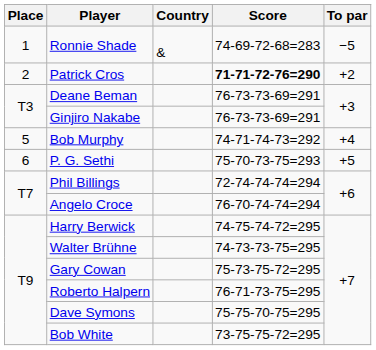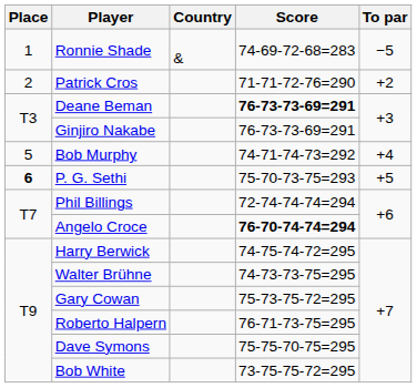 <table class="wikitable" style="font-size:95%;">
 <tr>
 <th>Place</th>
 <th>Player</th>
 <th>Country</th>
 <th>Score</th>
 <th>To par</th>
 </tr>
 <tr>
 <td align=center>1</td>
 <td><a href='#'>Ronnie Shade</a></td>
 <td><br>& </td>
 <td>74-69-72-68=283</td>
 <td align=center>−5</td>
 </tr>
 <tr>
 <td align=center>2</td>
 <td><a href='#'>Patrick Cros</a></td>
 <td></td>
-<td><strong>71-71-72-76=290</strong></td>
+<td>71-71-72-76=290</td>
 <td align=center>+2</td>
 </tr>
 <tr>
 <td align=center rowspan=2>T3</td>
 <td><a href='#'>Deane Beman</a></td>
 <td></td>
-<td>76-73-73-69=291</td>
+<td><strong>76-73-73-69=291</strong></td>
 <td align=center rowspan=2>+3</td>
 </tr>
 <tr>
 <td><a href='#'>Ginjiro Nakabe</a></td>
 <td></td>
 <td>76-73-73-69=291</td>
 </tr>
 <tr>
 <td align=center>5</td>
 <td><a href='#'>Bob Murphy</a></td>
 <td></td>
 <td>74-71-74-73=292</td>
 <td align=center>+4</td>
 </tr>
 <tr>
-<td align=center>6</td>
+<td align=center><strong>6</strong></td>
 <td><a href='#'>P. G. Sethi</a></td>
 <td></td>
 <td>75-70-73-75=293</td>
 <td align=center>+5</td>
 </tr>
 <tr>
 <td align=center rowspan=2>T7</td>
 <td><a href='#'>Phil Billings</a></td>
 <td></td>
 <td>72-74-74-74=294</td>
 <td align=center rowspan=2>+6</td>
 </tr>
 <tr>
 <td><a href='#'>Angelo Croce</a></td>
 <td></td>
-<td>76-70-74-74=294</td>
+<td><strong>76-70-74-74=294</strong></td>
 </tr>
 <tr>
 <td align=center rowspan=6>T9</td>
 <td><a href='#'>Harry Berwick</a></td>
 <td></td>
 <td>74-75-74-72=295</td>
 <td align=center rowspan=6>+7</td>
 </tr>
 <tr>
 <td><a href='#'>Walter Brühne</a></td>
 <td></td>
 <td>74-73-73-75=295</td>
 </tr>
 <tr>
 <td><a href='#'>Gary Cowan</a></td>
 <td></td>
 <td>75-73-75-72=295</td>
 </tr>
 <tr>
 <td><a href='#'>Roberto Halpern</a></td>
 <td></td>
 <td>76-71-73-75=295</td>
 </tr>
 <tr>
 <td><a href='#'>Dave Symons</a></td>
 <td></td>
 <td>75-75-70-75=295</td>
 </tr>
 <tr>
 <td><a href='#'>Bob White</a></td>
 <td></td>
 <td>73-75-75-72=295</td>
 </tr>
 </table>
